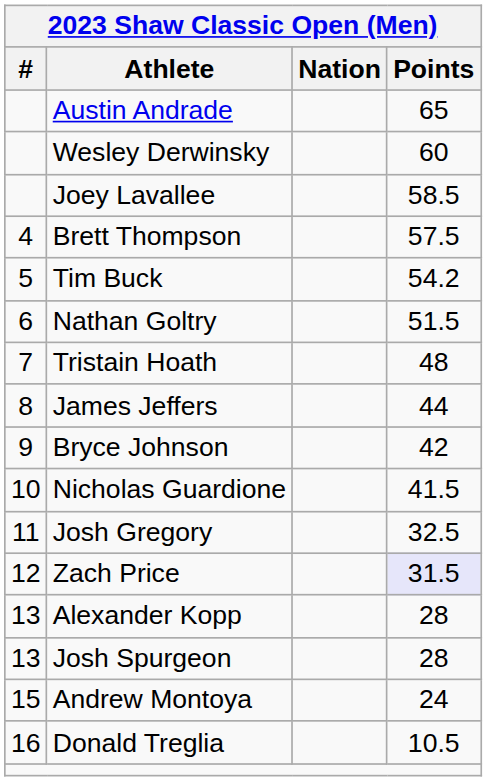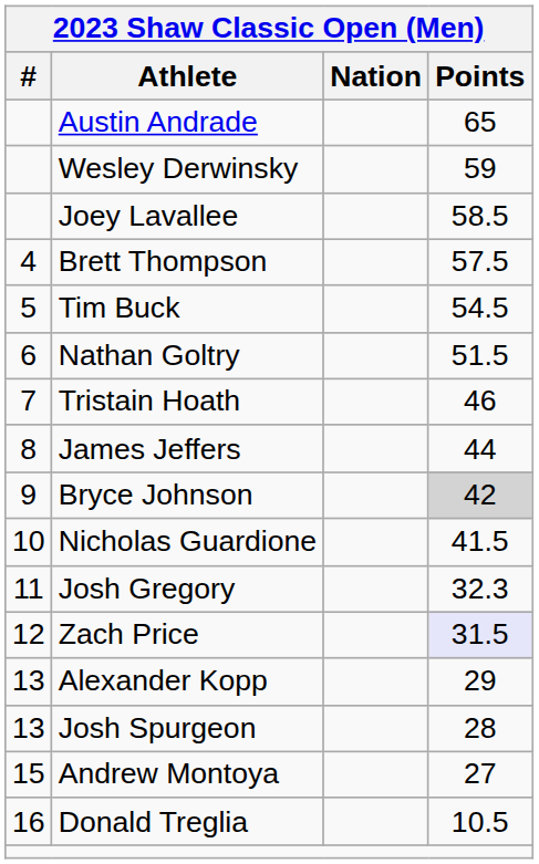 <table class="wikitable" style="display: inline-table;text-align:center;">
 <tr>
 <th colspan="4"><a href='#'>2023 Shaw Classic Open (Men)</a></th>
 </tr>
 <tr>
 <th scope="col" style="width: 10px;">#</th>
 <th scope="col">Athlete</th>
 <th scope="col">Nation</th>
 <th scope="col">Points</th>
 </tr>
 <tr>
 <td></td>
 <td align=left><a href='#'>Austin Andrade</a></td>
 <td align=left></td>
 <td>65</td>
 </tr>
 <tr>
 <td></td>
 <td align=left>Wesley Derwinsky</td>
 <td align=left></td>
-<td>60</td>
+<td>59</td>
 </tr>
 <tr>
 <td></td>
 <td align=left>Joey Lavallee</td>
 <td align=left></td>
 <td>58.5</td>
 </tr>
 <tr>
 <td>4</td>
 <td align=left>Brett Thompson</td>
 <td align=left></td>
 <td>57.5</td>
 </tr>
 <tr>
 <td>5</td>
 <td align=left>Tim Buck</td>
 <td align=left></td>
-<td>54.2</td>
+<td>54.5</td>
 </tr>
 <tr>
 <td>6</td>
 <td align=left>Nathan Goltry</td>
 <td align=left></td>
 <td>51.5</td>
 </tr>
 <tr>
 <td>7</td>
 <td align=left>Tristain Hoath</td>
 <td align=left></td>
-<td>48</td>
+<td>46</td>
 </tr>
 <tr>
 <td>8</td>
 <td align=left>James Jeffers</td>
 <td align=left></td>
 <td>44</td>
 </tr>
 <tr>
 <td>9</td>
 <td align=left>Bryce Johnson</td>
 <td align=left></td>
-<td>42</td>
+<td style="background: lightgrey;">42</td>
 </tr>
 <tr>
 <td>10</td>
 <td align=left>Nicholas Guardione</td>
 <td align=left></td>
 <td>41.5</td>
 </tr>
 <tr>
 <td>11</td>
 <td align=left>Josh Gregory</td>
 <td align=left></td>
-<td>32.5</td>
+<td>32.3</td>
 </tr>
 <tr>
 <td>12</td>
 <td align=left>Zach Price</td>
 <td align=left></td>
 <td style="background: lavender;">31.5</td>
 </tr>
 <tr>
 <td>13</td>
 <td align=left>Alexander Kopp</td>
 <td align=left></td>
-<td>28</td>
+<td>29</td>
 </tr>
 <tr>
 <td>13</td>
 <td align=left>Josh Spurgeon</td>
 <td align=left></td>
 <td>28</td>
 </tr>
 <tr>
 <td>15</td>
 <td align=left>Andrew Montoya</td>
 <td align=left></td>
-<td>24</td>
+<td>27</td>
 </tr>
 <tr>
 <td>16</td>
 <td align=left>Donald Treglia</td>
 <td align=left></td>
 <td>10.5</td>
 </tr>
 <tr class="sortbottom">
 <td colspan="4"></td>
 </tr>
 </table>
